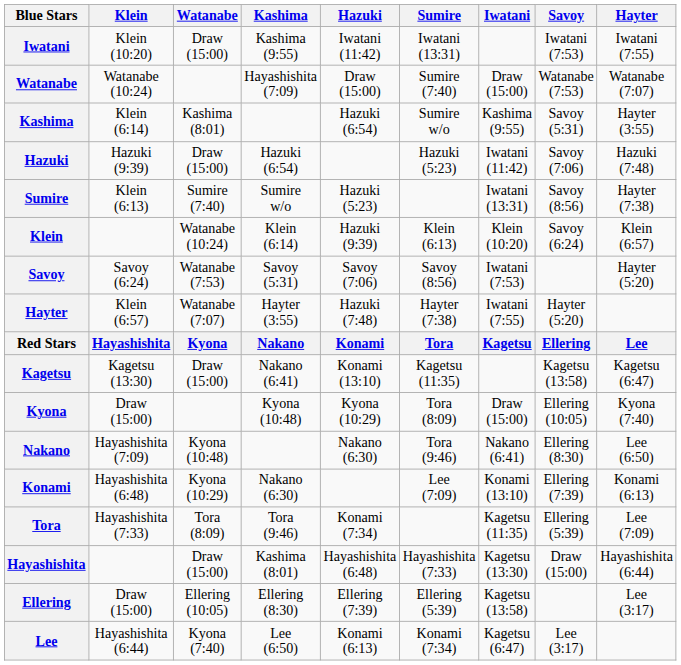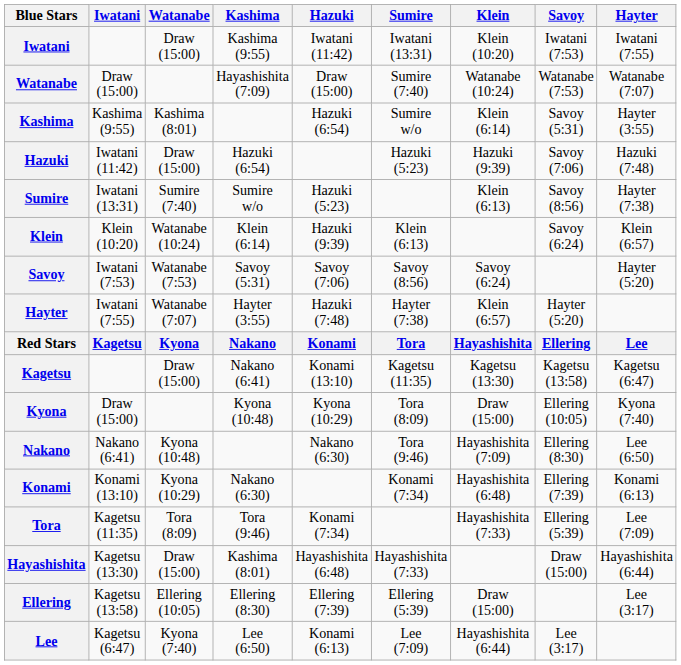 <table class="wikitable" style="text-align:center; margin: 1em auto 1em auto;" width="25%">
 <tr>
 <th>Blue Stars</th>
-<th><a href='#'>Klein</a></th>
+<th><a href='#'>Iwatani</a></th>
 <th><a href='#'>Watanabe</a></th>
 <th><a href='#'>Kashima</a></th>
 <th><a href='#'>Hazuki</a></th>
 <th><a href='#'>Sumire</a></th>
-<th><a href='#'>Iwatani</a></th>
+<th><a href='#'>Klein</a></th>
 <th><a href='#'>Savoy</a></th>
 <th><a href='#'>Hayter</a></th>
 </tr>
 <tr>
 <th><a href='#'>Iwatani</a></th>
-<td>Klein<br>(10:20)</td>
+<td></td>
 <td>Draw<br>(15:00)</td>
 <td>Kashima<br>(9:55)</td>
 <td>Iwatani<br>(11:42)</td>
 <td>Iwatani<br>(13:31)</td>
-<td></td>
+<td>Klein<br>(10:20)</td>
 <td>Iwatani<br>(7:53)</td>
 <td>Iwatani<br>(7:55)</td>
 </tr>
 <tr>
 <th><a href='#'>Watanabe</a></th>
-<td>Watanabe<br>(10:24)</td>
+<td>Draw<br>(15:00)</td>
 <td></td>
 <td>Hayashishita<br>(7:09)</td>
 <td>Draw<br>(15:00)</td>
 <td>Sumire<br>(7:40)</td>
-<td>Draw<br>(15:00)</td>
+<td>Watanabe<br>(10:24)</td>
 <td>Watanabe<br>(7:53)</td>
 <td>Watanabe<br>(7:07)</td>
 </tr>
 <tr>
 <th><a href='#'>Kashima</a></th>
-<td>Klein<br>(6:14)</td>
+<td>Kashima<br>(9:55)</td>
 <td>Kashima<br>(8:01)</td>
 <td></td>
 <td>Hazuki<br>(6:54)</td>
 <td>Sumire<br>w/o</td>
-<td>Kashima<br>(9:55)</td>
+<td>Klein<br>(6:14)</td>
 <td>Savoy<br>(5:31)</td>
 <td>Hayter<br>(3:55)</td>
 </tr>
 <tr>
 <th><a href='#'>Hazuki</a></th>
-<td>Hazuki<br>(9:39)</td>
+<td>Iwatani<br>(11:42)</td>
 <td>Draw<br>(15:00)</td>
 <td>Hazuki<br>(6:54)</td>
 <td></td>
 <td>Hazuki<br>(5:23)</td>
-<td>Iwatani<br>(11:42)</td>
+<td>Hazuki<br>(9:39)</td>
 <td>Savoy<br>(7:06)</td>
 <td>Hazuki<br>(7:48)</td>
 </tr>
 <tr>
 <th><a href='#'>Sumire</a></th>
-<td>Klein<br>(6:13)</td>
+<td>Iwatani<br>(13:31)</td>
 <td>Sumire<br>(7:40)</td>
 <td>Sumire<br>w/o</td>
 <td>Hazuki<br>(5:23)</td>
 <td></td>
-<td>Iwatani<br>(13:31)</td>
+<td>Klein<br>(6:13)</td>
 <td>Savoy<br>(8:56)</td>
 <td>Hayter<br>(7:38)</td>
 </tr>
 <tr>
 <th><a href='#'>Klein</a></th>
-<td></td>
+<td>Klein<br>(10:20)</td>
 <td>Watanabe<br>(10:24)</td>
 <td>Klein<br>(6:14)</td>
 <td>Hazuki<br>(9:39)</td>
 <td>Klein<br>(6:13)</td>
-<td>Klein<br>(10:20)</td>
+<td></td>
 <td>Savoy<br>(6:24)</td>
 <td>Klein<br>(6:57)</td>
 </tr>
 <tr>
 <th><a href='#'>Savoy</a></th>
-<td>Savoy<br>(6:24)</td>
+<td>Iwatani<br>(7:53)</td>
 <td>Watanabe<br>(7:53)</td>
 <td>Savoy<br>(5:31)</td>
 <td>Savoy<br>(7:06)</td>
 <td>Savoy<br>(8:56)</td>
-<td>Iwatani<br>(7:53)</td>
+<td>Savoy<br>(6:24)</td>
 <td></td>
 <td>Hayter<br>(5:20)</td>
 </tr>
 <tr>
 <th><a href='#'>Hayter</a></th>
-<td>Klein<br>(6:57)</td>
+<td>Iwatani<br>(7:55)</td>
 <td>Watanabe<br>(7:07)</td>
 <td>Hayter<br>(3:55)</td>
 <td>Hazuki<br>(7:48)</td>
 <td>Hayter<br>(7:38)</td>
-<td>Iwatani<br>(7:55)</td>
+<td>Klein<br>(6:57)</td>
 <td>Hayter<br>(5:20)</td>
 <td></td>
 </tr>
 <tr>
 <th>Red Stars</th>
-<th><a href='#'>Hayashishita</a></th>
+<th><a href='#'>Kagetsu</a></th>
 <th><a href='#'>Kyona</a></th>
 <th><a href='#'>Nakano</a></th>
 <th><a href='#'>Konami</a></th>
 <th><a href='#'>Tora</a></th>
-<th><a href='#'>Kagetsu</a></th>
+<th><a href='#'>Hayashishita</a></th>
 <th><a href='#'>Ellering</a></th>
 <th><a href='#'>Lee</a></th>
 </tr>
 <tr>
 <th><a href='#'>Kagetsu</a></th>
-<td>Kagetsu<br>(13:30)</td>
+<td></td>
 <td>Draw<br>(15:00)</td>
 <td>Nakano<br>(6:41)</td>
 <td>Konami<br>(13:10)</td>
 <td>Kagetsu<br>(11:35)</td>
-<td></td>
+<td>Kagetsu<br>(13:30)</td>
 <td>Kagetsu<br>(13:58)</td>
 <td>Kagetsu<br>(6:47)</td>
 </tr>
 <tr>
 <th><a href='#'>Kyona</a></th>
 <td>Draw<br>(15:00)</td>
 <td></td>
 <td>Kyona<br>(10:48)</td>
 <td>Kyona<br>(10:29)</td>
 <td>Tora<br>(8:09)</td>
 <td>Draw<br>(15:00)</td>
 <td>Ellering<br>(10:05)</td>
 <td>Kyona<br>(7:40)</td>
 </tr>
 <tr>
 <th><a href='#'>Nakano</a></th>
-<td>Hayashishita<br>(7:09)</td>
+<td>Nakano<br>(6:41)</td>
 <td>Kyona<br>(10:48)</td>
 <td></td>
 <td>Nakano<br>(6:30)</td>
 <td>Tora<br>(9:46)</td>
-<td>Nakano<br>(6:41)</td>
+<td>Hayashishita<br>(7:09)</td>
 <td>Ellering<br>(8:30)</td>
 <td>Lee<br>(6:50)</td>
 </tr>
 <tr>
 <th><a href='#'>Konami</a></th>
-<td>Hayashishita<br>(6:48)</td>
+<td>Konami<br>(13:10)</td>
 <td>Kyona<br>(10:29)</td>
 <td>Nakano<br>(6:30)</td>
 <td></td>
-<td>Lee<br>(7:09)</td>
-<td>Konami<br>(13:10)</td>
+<td>Konami<br>(7:34)</td>
+<td>Hayashishita<br>(6:48)</td>
 <td>Ellering<br>(7:39)</td>
 <td>Konami<br>(6:13)</td>
 </tr>
 <tr>
 <th><a href='#'>Tora</a></th>
-<td>Hayashishita<br>(7:33)</td>
+<td>Kagetsu<br>(11:35)</td>
 <td>Tora<br>(8:09)</td>
 <td>Tora<br>(9:46)</td>
 <td>Konami<br>(7:34)</td>
 <td></td>
-<td>Kagetsu<br>(11:35)</td>
+<td>Hayashishita<br>(7:33)</td>
 <td>Ellering<br>(5:39)</td>
 <td>Lee<br>(7:09)</td>
 </tr>
 <tr>
 <th><a href='#'>Hayashishita</a></th>
-<td></td>
+<td>Kagetsu<br>(13:30)</td>
 <td>Draw<br>(15:00)</td>
 <td>Kashima<br>(8:01)</td>
 <td>Hayashishita<br>(6:48)</td>
 <td>Hayashishita<br>(7:33)</td>
-<td>Kagetsu<br>(13:30)</td>
+<td></td>
 <td>Draw<br>(15:00)</td>
 <td>Hayashishita<br>(6:44)</td>
 </tr>
 <tr>
 <th><a href='#'>Ellering</a></th>
-<td>Draw<br>(15:00)</td>
+<td>Kagetsu<br>(13:58)</td>
 <td>Ellering<br>(10:05)</td>
 <td>Ellering<br>(8:30)</td>
 <td>Ellering<br>(7:39)</td>
 <td>Ellering<br>(5:39)</td>
-<td>Kagetsu<br>(13:58)</td>
+<td>Draw<br>(15:00)</td>
 <td></td>
 <td>Lee<br>(3:17)</td>
 </tr>
 <tr>
 <th><a href='#'>Lee</a></th>
-<td>Hayashishita<br>(6:44)</td>
+<td>Kagetsu<br>(6:47)</td>
 <td>Kyona<br>(7:40)</td>
 <td>Lee<br>(6:50)</td>
 <td>Konami<br>(6:13)</td>
-<td>Konami<br>(7:34)</td>
-<td>Kagetsu<br>(6:47)</td>
+<td>Lee<br>(7:09)</td>
+<td>Hayashishita<br>(6:44)</td>
 <td>Lee<br>(3:17)</td>
 <td></td>
 </tr>
 </table>
